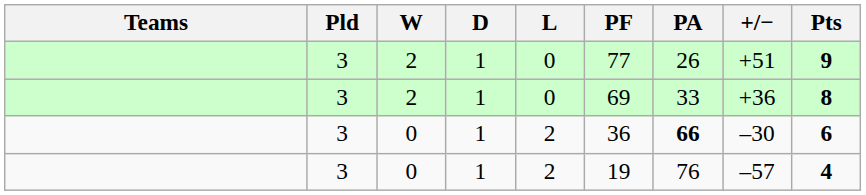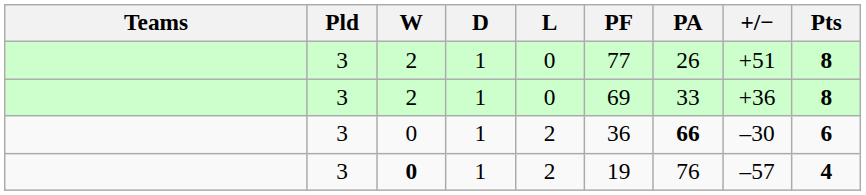 <table class="wikitable" style="text-align: center;">
 <tr>
 <th width="200">Teams</th>
 <th width="40">Pld</th>
 <th width="40">W</th>
 <th width="40">D</th>
 <th width="40">L</th>
 <th width="40">PF</th>
 <th width="40">PA</th>
 <th width="40">+/−</th>
 <th width="40">Pts</th>
 </tr>
 <tr bgcolor=#ccffcc>
 <td align=left></td>
 <td>3</td>
 <td>2</td>
 <td>1</td>
 <td>0</td>
 <td>77</td>
 <td>26</td>
 <td>+51</td>
-<td><strong>9</strong></td>
+<td><strong>8</strong></td>
 </tr>
 <tr bgcolor=#ccffcc>
 <td align=left></td>
 <td>3</td>
 <td>2</td>
 <td>1</td>
 <td>0</td>
 <td>69</td>
 <td>33</td>
 <td>+36</td>
 <td><strong>8</strong></td>
 </tr>
 <tr>
 <td align=left></td>
 <td>3</td>
 <td>0</td>
 <td>1</td>
 <td>2</td>
 <td>36</td>
 <td><strong>66</strong></td>
 <td>–30</td>
 <td><strong>6</strong></td>
 </tr>
 <tr>
 <td align=left></td>
 <td>3</td>
-<td>0</td>
+<td><strong>0</strong></td>
 <td>1</td>
 <td>2</td>
 <td>19</td>
 <td>76</td>
 <td>–57</td>
 <td><strong>4</strong></td>
 </tr>
 </table>
